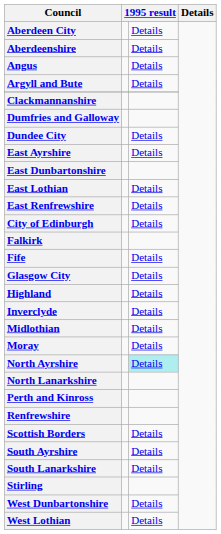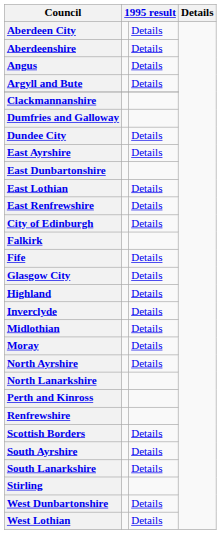 <table class="wikitable">
 <tr>
 <th scope="col">Council</th>
 <th scope="col"  colspan="2"><a href='#'>1995 result</a></th>
 <th scope="col">Details</th>
 </tr>
 <tr>
 <th scope="row" style="text-align: left;"><a href='#'>Aberdeen City</a></th>
 <td></td>
 <td><a href='#'>Details</a></td>
 </tr>
 <tr>
 <th scope="row" style="text-align: left;"><a href='#'>Aberdeenshire</a></th>
 <td></td>
 <td><a href='#'>Details</a></td>
 </tr>
 <tr>
 <th scope="row" style="text-align: left;"><a href='#'>Angus</a></th>
 <td></td>
 <td><a href='#'>Details</a></td>
 </tr>
 <tr>
 <th scope="row" style="text-align: left;"><a href='#'>Argyll and Bute</a></th>
 <td></td>
 <td><a href='#'>Details</a></td>
 </tr>
 <tr>
 </tr>
 <tr>
 <th scope="row" style="text-align: left;"><a href='#'>Clackmannanshire</a></th>
 <td></td>
 <td></td>
 </tr>
 <tr>
 <th scope="row" style="text-align: left;"><a href='#'>Dumfries and Galloway</a></th>
 <td></td>
 <td></td>
 </tr>
 <tr>
 <th scope="row" style="text-align: left;"><a href='#'>Dundee City</a></th>
 <td></td>
 <td><a href='#'>Details</a></td>
 </tr>
 <tr>
 <th scope="row" style="text-align: left;"><a href='#'>East Ayrshire</a></th>
 <td></td>
 <td><a href='#'>Details</a></td>
 </tr>
 <tr>
 <th scope="row" style="text-align: left;"><a href='#'>East Dunbartonshire</a></th>
 <td></td>
 <td></td>
 </tr>
 <tr>
 <th scope="row" style="text-align: left;"><a href='#'>East Lothian</a></th>
 <td></td>
 <td><a href='#'>Details</a></td>
 </tr>
 <tr>
 <th scope="row" style="text-align: left;"><a href='#'>East Renfrewshire</a></th>
 <td></td>
 <td><a href='#'>Details</a></td>
 </tr>
 <tr>
 <th scope="row" style="text-align: left;"><a href='#'>City of Edinburgh</a></th>
 <td></td>
 <td><a href='#'>Details</a></td>
 </tr>
 <tr>
 <th scope="row" style="text-align: left;"><a href='#'>Falkirk</a></th>
 <td></td>
 <td></td>
 </tr>
 <tr>
 <th scope="row" style="text-align: left;"><a href='#'>Fife</a></th>
 <td></td>
 <td><a href='#'>Details</a></td>
 </tr>
 <tr>
 <th scope="row" style="text-align: left;"><a href='#'>Glasgow City</a></th>
 <td></td>
 <td><a href='#'>Details</a></td>
 </tr>
 <tr>
 <th scope="row" style="text-align: left;"><a href='#'>Highland</a></th>
 <td></td>
 <td><a href='#'>Details</a></td>
 </tr>
 <tr>
 <th scope="row" style="text-align: left;"><a href='#'>Inverclyde</a></th>
 <td></td>
 <td><a href='#'>Details</a></td>
 </tr>
 <tr>
 <th scope="row" style="text-align: left;"><a href='#'>Midlothian</a></th>
 <td></td>
 <td><a href='#'>Details</a></td>
 </tr>
 <tr>
 <th scope="row" style="text-align: left;"><a href='#'>Moray</a></th>
 <td></td>
 <td><a href='#'>Details</a></td>
 </tr>
 <tr>
 <th scope="row" style="text-align: left;"><a href='#'>North Ayrshire</a></th>
 <td></td>
-<td style="background: paleturquoise;"><a href='#'>Details</a></td>
+<td><a href='#'>Details</a></td>
 </tr>
 <tr>
 <th scope="row" style="text-align: left;"><a href='#'>North Lanarkshire</a></th>
 <td></td>
 <td></td>
 </tr>
 <tr>
 <th scope="row" style="text-align: left;"><a href='#'>Perth and Kinross</a></th>
 <td></td>
 <td></td>
 </tr>
 <tr>
 <th scope="row" style="text-align: left;"><a href='#'>Renfrewshire</a></th>
 <td></td>
 <td></td>
 </tr>
 <tr>
 <th scope="row" style="text-align: left;"><a href='#'>Scottish Borders</a></th>
 <td></td>
 <td><a href='#'>Details</a></td>
 </tr>
 <tr>
 <th scope="row" style="text-align: left;"><a href='#'>South Ayrshire</a></th>
 <td></td>
 <td><a href='#'>Details</a></td>
 </tr>
 <tr>
 <th scope="row" style="text-align: left;"><a href='#'>South Lanarkshire</a></th>
 <td></td>
 <td><a href='#'>Details</a></td>
 </tr>
 <tr>
 <th scope="row" style="text-align: left;"><a href='#'>Stirling</a></th>
 <td></td>
 <td></td>
 </tr>
 <tr>
 <th scope="row" style="text-align: left;"><a href='#'>West Dunbartonshire</a></th>
 <td></td>
 <td><a href='#'>Details</a></td>
 </tr>
 <tr>
 <th scope="row" style="text-align: left;"><a href='#'>West Lothian</a></th>
 <td></td>
 <td><a href='#'>Details</a></td>
 </tr>
 </table>
